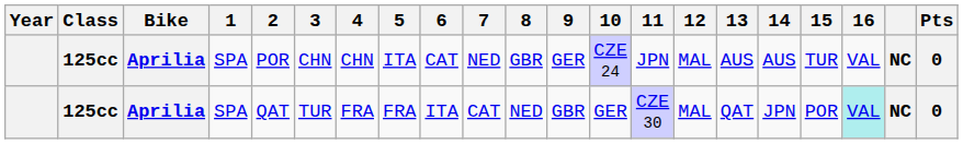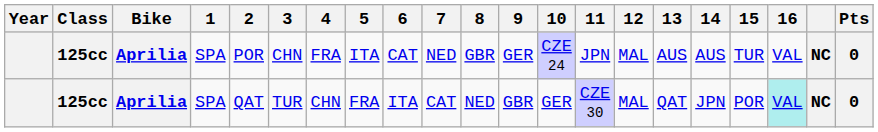 <table class="wikitable" style="text-align:center">
 <tr>
 <th>Year</th>
 <th>Class</th>
 <th>Bike</th>
 <th>1</th>
 <th>2</th>
 <th>3</th>
 <th>4</th>
 <th>5</th>
 <th>6</th>
 <th>7</th>
 <th>8</th>
 <th>9</th>
 <th>10</th>
 <th>11</th>
 <th>12</th>
 <th>13</th>
 <th>14</th>
 <th>15</th>
 <th>16</th>
 <th></th>
 <th>Pts</th>
 </tr>
 <tr>
 <th align="left"></th>
 <th align="left">125cc</th>
 <th align="left"><a href='#'>Aprilia</a></th>
 <td><a href='#'>SPA</a></td>
 <td><a href='#'>POR</a></td>
 <td><a href='#'>CHN</a></td>
-<td><a href='#'>CHN</a></td>
+<td><a href='#'>FRA</a></td>
 <td><a href='#'>ITA</a></td>
 <td><a href='#'>CAT</a></td>
 <td><a href='#'>NED</a></td>
 <td><a href='#'>GBR</a></td>
 <td><a href='#'>GER</a></td>
 <td style="background:#cfcfff;"><a href='#'>CZE</a><br><small>24</small></td>
 <td><a href='#'>JPN</a></td>
 <td><a href='#'>MAL</a></td>
 <td><a href='#'>AUS</a></td>
 <td><a href='#'>AUS</a></td>
 <td><a href='#'>TUR</a></td>
 <td><a href='#'>VAL</a></td>
 <th>NC</th>
 <th>0</th>
 </tr>
 <tr>
 <th align="left"></th>
 <th align="left">125cc</th>
 <th align="left"><a href='#'>Aprilia</a></th>
 <td><a href='#'>SPA</a></td>
 <td><a href='#'>QAT</a></td>
 <td><a href='#'>TUR</a></td>
-<td><a href='#'>FRA</a></td>
+<td><a href='#'>CHN</a></td>
 <td><a href='#'>FRA</a></td>
 <td><a href='#'>ITA</a></td>
 <td><a href='#'>CAT</a></td>
 <td><a href='#'>NED</a></td>
 <td><a href='#'>GBR</a></td>
 <td><a href='#'>GER</a></td>
 <td style="background:#cfcfff;"><a href='#'>CZE</a><br><small>30</small></td>
 <td><a href='#'>MAL</a></td>
 <td><a href='#'>QAT</a></td>
 <td><a href='#'>JPN</a></td>
 <td><a href='#'>POR</a></td>
 <td style="background: paleturquoise;"><a href='#'>VAL</a></td>
 <th>NC</th>
 <th>0</th>
 </tr>
 </table>
